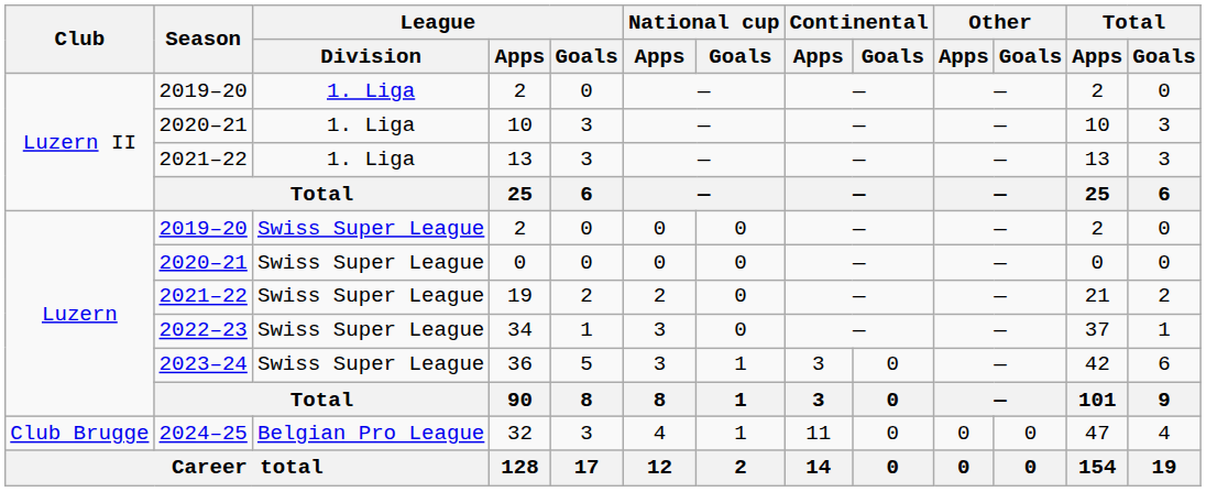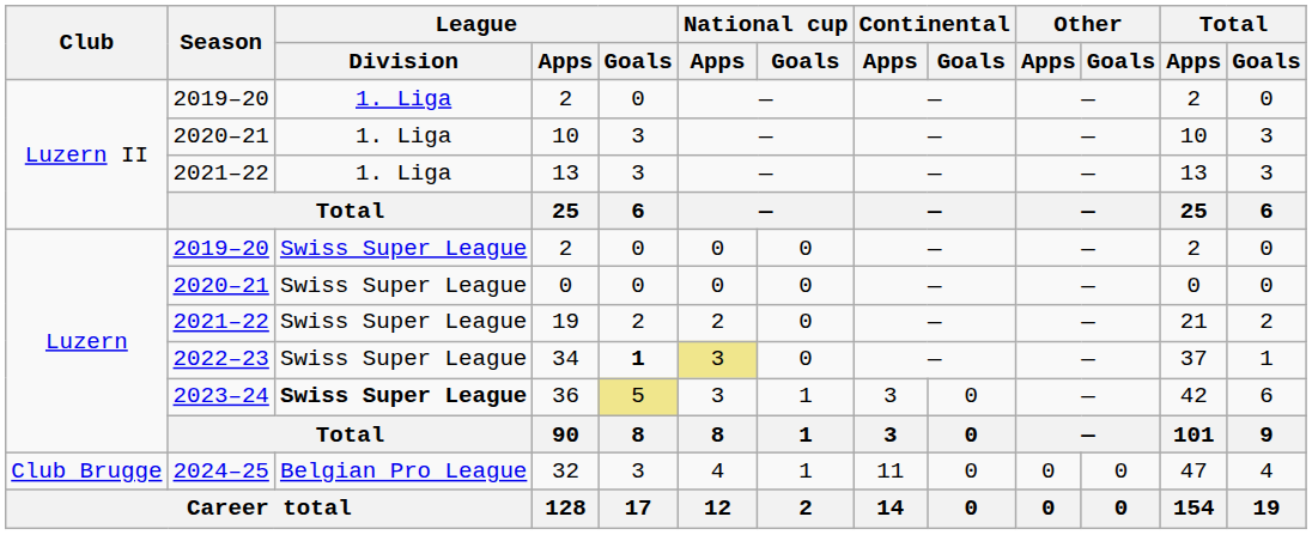 <table class="wikitable" style="text-align:center">
 <tr>
 <th rowspan="2">Club</th>
 <th rowspan="2">Season</th>
 <th colspan="3">League</th>
 <th colspan="2">National cup</th>
 <th colspan="2">Continental</th>
 <th colspan="2">Other</th>
 <th colspan="2">Total</th>
 </tr>
 <tr>
 <th>Division</th>
 <th>Apps</th>
 <th>Goals</th>
 <th>Apps</th>
 <th>Goals</th>
 <th>Apps</th>
 <th>Goals</th>
 <th>Apps</th>
 <th>Goals</th>
 <th>Apps</th>
 <th>Goals</th>
 </tr>
 <tr>
 <td rowspan="4"><a href='#'>Luzern</a> II</td>
 <td>2019–20</td>
 <td><a href='#'>1. Liga</a></td>
 <td>2</td>
 <td>0</td>
 <td colspan="2">—</td>
 <td colspan="2">—</td>
 <td colspan="2">—</td>
 <td>2</td>
 <td>0</td>
 </tr>
 <tr>
 <td>2020–21</td>
 <td>1. Liga</td>
 <td>10</td>
 <td>3</td>
 <td colspan="2">—</td>
 <td colspan="2">—</td>
 <td colspan="2">—</td>
 <td>10</td>
 <td>3</td>
 </tr>
 <tr>
 <td>2021–22</td>
 <td>1. Liga</td>
 <td>13</td>
 <td>3</td>
 <td colspan="2">—</td>
 <td colspan="2">—</td>
 <td colspan="2">—</td>
 <td>13</td>
 <td>3</td>
 </tr>
 <tr>
 <th colspan="2">Total</th>
 <th>25</th>
 <th>6</th>
 <th colspan="2">—</th>
 <th colspan="2">—</th>
 <th colspan="2">—</th>
 <th>25</th>
 <th>6</th>
 </tr>
 <tr>
 <td rowspan="6"><a href='#'>Luzern</a></td>
 <td><a href='#'>2019–20</a></td>
 <td><a href='#'>Swiss Super League</a></td>
 <td>2</td>
 <td>0</td>
 <td>0</td>
 <td>0</td>
 <td colspan="2">—</td>
 <td colspan="2">—</td>
 <td>2</td>
 <td>0</td>
 </tr>
 <tr>
 <td><a href='#'>2020–21</a></td>
 <td>Swiss Super League</td>
 <td>0</td>
 <td>0</td>
 <td>0</td>
 <td>0</td>
 <td colspan="2">—</td>
 <td colspan="2">—</td>
 <td>0</td>
 <td>0</td>
 </tr>
 <tr>
 <td><a href='#'>2021–22</a></td>
 <td>Swiss Super League</td>
 <td>19</td>
 <td>2</td>
 <td>2</td>
 <td>0</td>
 <td colspan="2">—</td>
 <td colspan="2">—</td>
 <td>21</td>
 <td>2</td>
 </tr>
 <tr>
 <td><a href='#'>2022–23</a></td>
 <td>Swiss Super League</td>
 <td>34</td>
-<td>1</td>
-<td>3</td>
+<td><strong>1</strong></td>
+<td style="background: khaki;">3</td>
 <td>0</td>
 <td colspan="2">—</td>
 <td colspan="2">—</td>
 <td>37</td>
 <td>1</td>
 </tr>
 <tr>
 <td><a href='#'>2023–24</a></td>
-<td>Swiss Super League</td>
+<td><strong>Swiss Super League</strong></td>
 <td>36</td>
-<td>5</td>
+<td style="background: khaki;">5</td>
 <td>3</td>
 <td>1</td>
 <td>3</td>
 <td>0</td>
 <td colspan="2">—</td>
 <td>42</td>
 <td>6</td>
 </tr>
 <tr>
 <th colspan="2">Total</th>
 <th>90</th>
 <th>8</th>
 <th>8</th>
 <th>1</th>
 <th>3</th>
 <th>0</th>
 <th colspan="2">—</th>
 <th>101</th>
 <th>9</th>
 </tr>
 <tr>
 <td><a href='#'>Club Brugge</a></td>
 <td><a href='#'>2024–25</a></td>
 <td><a href='#'>Belgian Pro League</a></td>
 <td>32</td>
 <td>3</td>
 <td>4</td>
 <td>1</td>
 <td>11</td>
 <td>0</td>
 <td>0</td>
 <td>0</td>
 <td>47</td>
 <td>4</td>
 </tr>
 <tr>
 <th colspan="3">Career total</th>
 <th>128</th>
 <th>17</th>
 <th>12</th>
 <th>2</th>
 <th>14</th>
 <th>0</th>
 <th>0</th>
 <th>0</th>
 <th>154</th>
 <th>19</th>
 </tr>
 </table>
